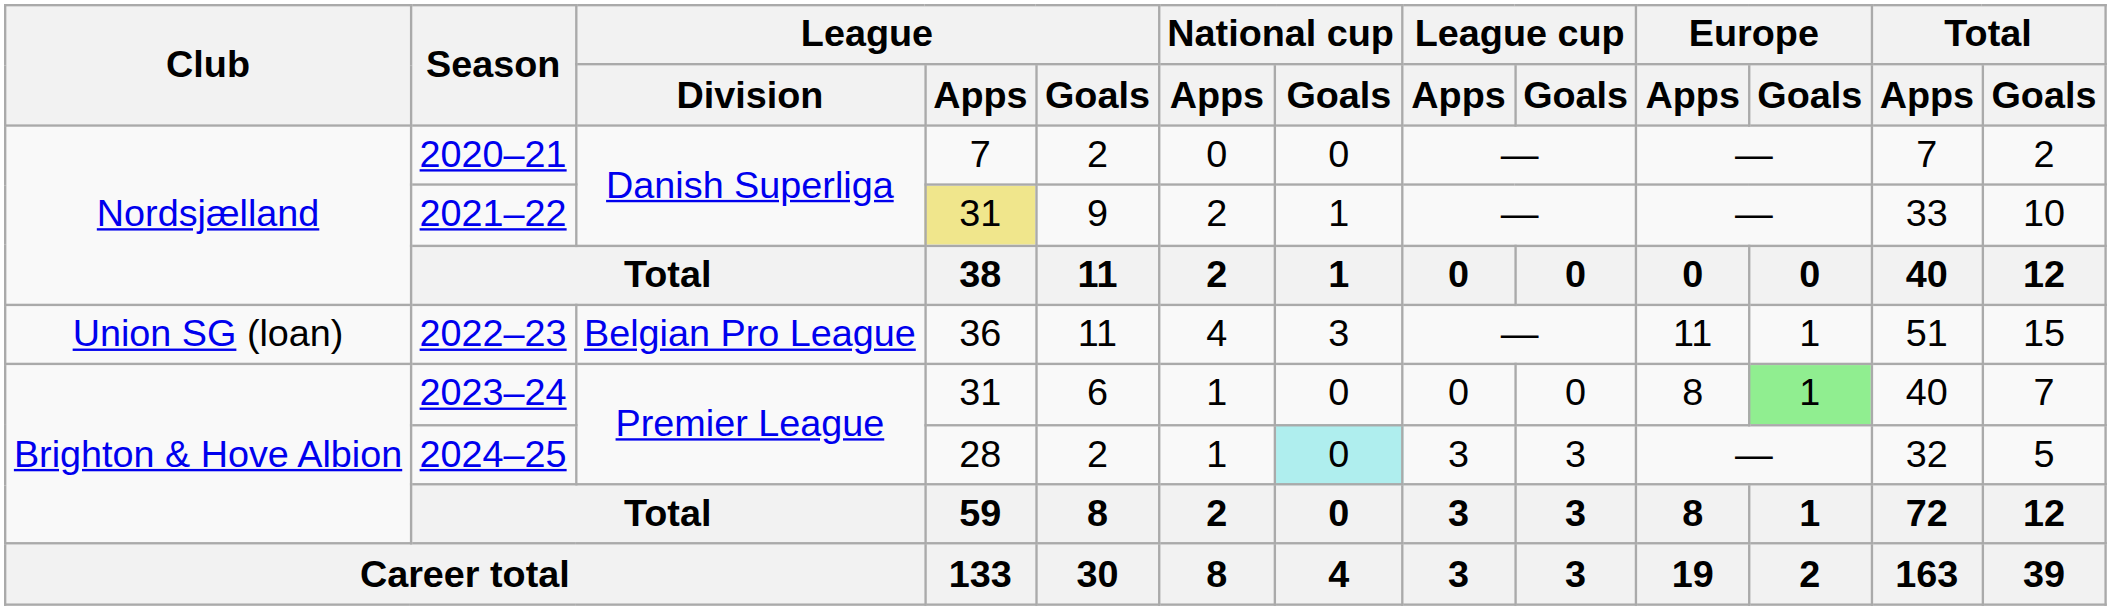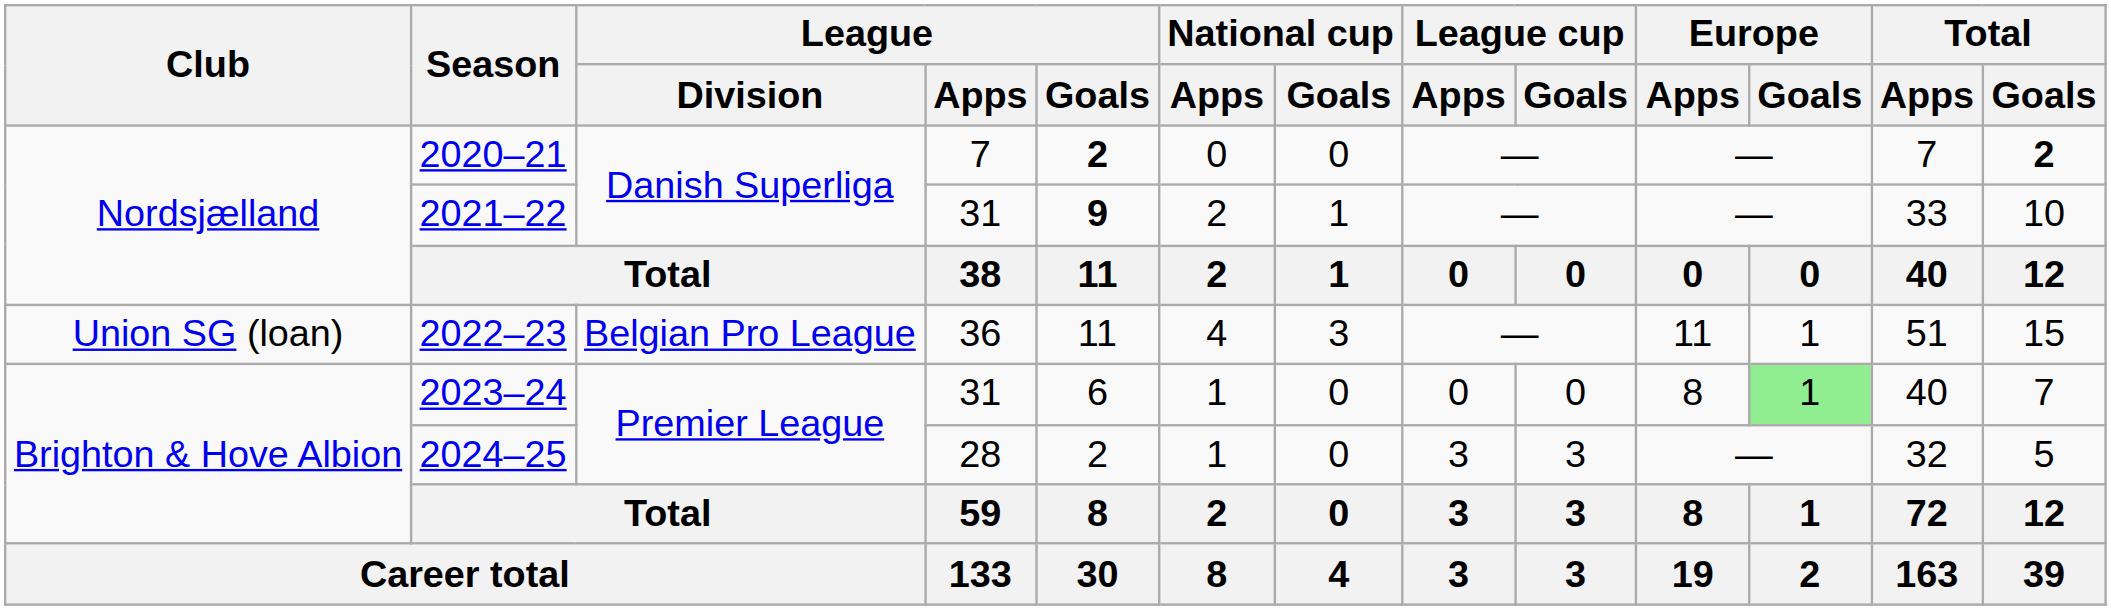 <table class="wikitable" style="text-align: center">
 <tr>
 <th rowspan="2">Club</th>
 <th rowspan="2">Season</th>
 <th colspan="3">League</th>
 <th colspan="2">National cup</th>
 <th colspan="2">League cup</th>
 <th colspan="2">Europe</th>
 <th colspan="2">Total</th>
 </tr>
 <tr>
 <th>Division</th>
 <th>Apps</th>
 <th>Goals</th>
 <th>Apps</th>
 <th>Goals</th>
 <th>Apps</th>
 <th>Goals</th>
 <th>Apps</th>
 <th>Goals</th>
 <th>Apps</th>
 <th>Goals</th>
 </tr>
 <tr>
 <td rowspan="3"><a href='#'>Nordsjælland</a></td>
 <td><a href='#'>2020–21</a></td>
 <td rowspan="2"><a href='#'>Danish Superliga</a></td>
 <td>7</td>
-<td>2</td>
+<td><strong>2</strong></td>
 <td>0</td>
 <td>0</td>
 <td colspan="2">—</td>
 <td colspan="2">—</td>
 <td>7</td>
-<td>2</td>
+<td><strong>2</strong></td>
 </tr>
 <tr>
 <td><a href='#'>2021–22</a></td>
-<td style="background: khaki;">31</td>
-<td>9</td>
+<td>31</td>
+<td><strong>9</strong></td>
 <td>2</td>
 <td>1</td>
 <td colspan="2">—</td>
 <td colspan="2">—</td>
 <td>33</td>
 <td>10</td>
 </tr>
 <tr>
 <th colspan="2">Total</th>
 <th>38</th>
 <th>11</th>
 <th>2</th>
 <th>1</th>
 <th>0</th>
 <th>0</th>
 <th>0</th>
 <th>0</th>
 <th>40</th>
 <th>12</th>
 </tr>
 <tr>
 <td><a href='#'>Union SG</a> (loan)</td>
 <td><a href='#'>2022–23</a></td>
 <td><a href='#'>Belgian Pro League</a></td>
 <td>36</td>
 <td>11</td>
 <td>4</td>
 <td>3</td>
 <td colspan="2">—</td>
 <td>11</td>
 <td>1</td>
 <td>51</td>
 <td>15</td>
 </tr>
 <tr>
 <td rowspan="3"><a href='#'>Brighton & Hove Albion</a></td>
 <td><a href='#'>2023–24</a></td>
 <td rowspan="2"><a href='#'>Premier League</a></td>
 <td>31</td>
 <td>6</td>
 <td>1</td>
 <td>0</td>
 <td>0</td>
 <td>0</td>
 <td>8</td>
 <td style="background: lightgreen;">1</td>
 <td>40</td>
 <td>7</td>
 </tr>
 <tr>
 <td><a href='#'>2024–25</a></td>
 <td>28</td>
 <td>2</td>
 <td>1</td>
-<td style="background: paleturquoise;">0</td>
+<td>0</td>
 <td>3</td>
 <td>3</td>
 <td colspan="2">—</td>
 <td>32</td>
 <td>5</td>
 </tr>
 <tr>
 <th colspan="2">Total</th>
 <th>59</th>
 <th>8</th>
 <th>2</th>
 <th>0</th>
 <th>3</th>
 <th>3</th>
 <th>8</th>
 <th>1</th>
 <th>72</th>
 <th>12</th>
 </tr>
 <tr>
 <th colspan="3">Career total</th>
 <th>133</th>
 <th>30</th>
 <th>8</th>
 <th>4</th>
 <th>3</th>
 <th>3</th>
 <th>19</th>
 <th>2</th>
 <th>163</th>
 <th>39</th>
 </tr>
 </table>
